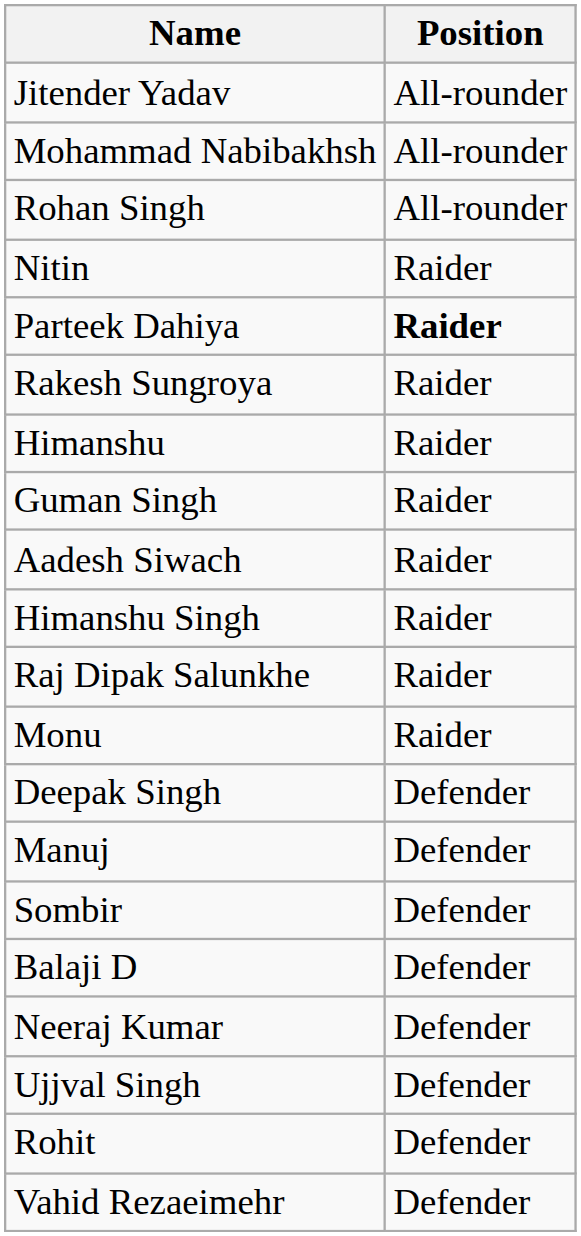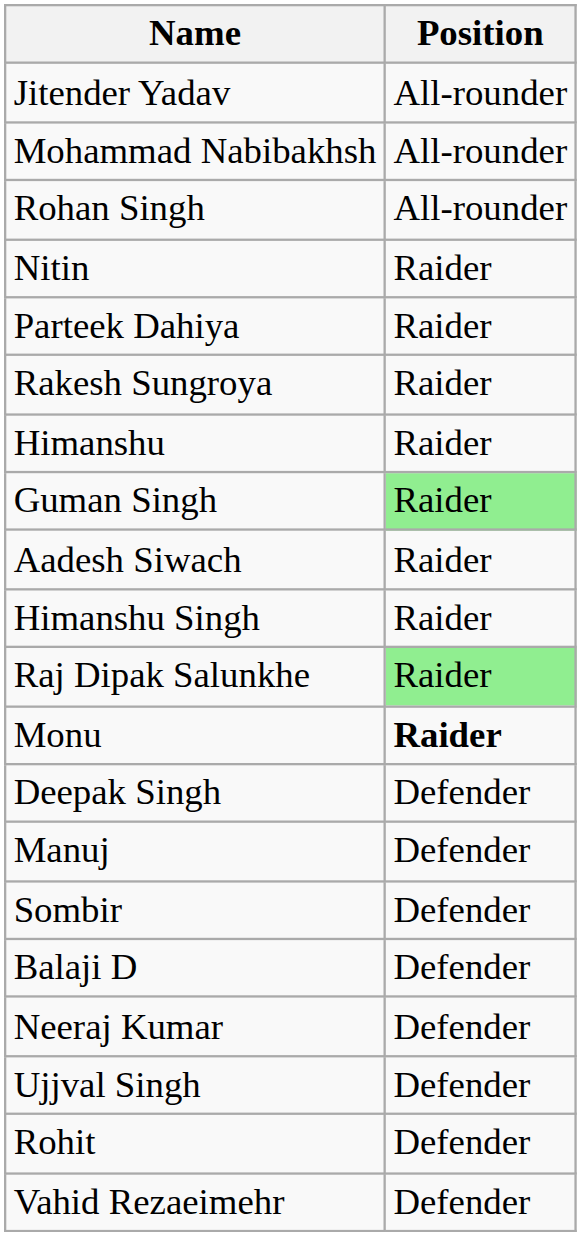 <table class="wikitable">
 <tr>
 <th>Name</th>
 <th>Position</th>
 </tr>
 <tr>
 <td>Jitender Yadav</td>
 <td>All-rounder</td>
 </tr>
 <tr>
 <td>Mohammad Nabibakhsh</td>
 <td>All-rounder</td>
 </tr>
 <tr>
 <td>Rohan Singh</td>
 <td>All-rounder</td>
 </tr>
 <tr>
 <td>Nitin</td>
 <td>Raider</td>
 </tr>
 <tr>
 <td>Parteek Dahiya</td>
-<td><strong>Raider</strong></td>
+<td>Raider</td>
 </tr>
 <tr>
 <td>Rakesh Sungroya</td>
 <td>Raider</td>
 </tr>
 <tr>
 <td>Himanshu</td>
 <td>Raider</td>
 </tr>
 <tr>
 <td>Guman Singh</td>
-<td>Raider</td>
+<td style="background: lightgreen;">Raider</td>
 </tr>
 <tr>
 <td>Aadesh Siwach</td>
 <td>Raider</td>
 </tr>
 <tr>
 <td>Himanshu Singh</td>
 <td>Raider</td>
 </tr>
 <tr>
 <td>Raj Dipak Salunkhe</td>
-<td>Raider</td>
+<td style="background: lightgreen;">Raider</td>
 </tr>
 <tr>
 <td>Monu</td>
-<td>Raider</td>
+<td><strong>Raider</strong></td>
 </tr>
 <tr>
 <td>Deepak Singh</td>
 <td>Defender</td>
 </tr>
 <tr>
 <td>Manuj</td>
 <td>Defender</td>
 </tr>
 <tr>
 <td>Sombir</td>
 <td>Defender</td>
 </tr>
 <tr>
 <td>Balaji D</td>
 <td>Defender</td>
 </tr>
 <tr>
 <td>Neeraj Kumar</td>
 <td>Defender</td>
 </tr>
 <tr>
 <td>Ujjval Singh</td>
 <td>Defender</td>
 </tr>
 <tr>
 <td>Rohit</td>
 <td>Defender</td>
 </tr>
 <tr>
 <td>Vahid Rezaeimehr</td>
 <td>Defender</td>
 </tr>
 </table>
